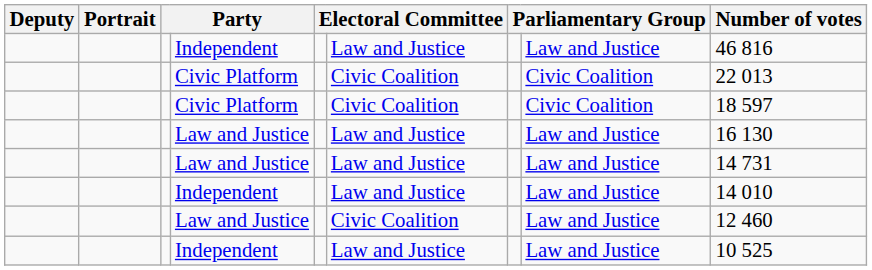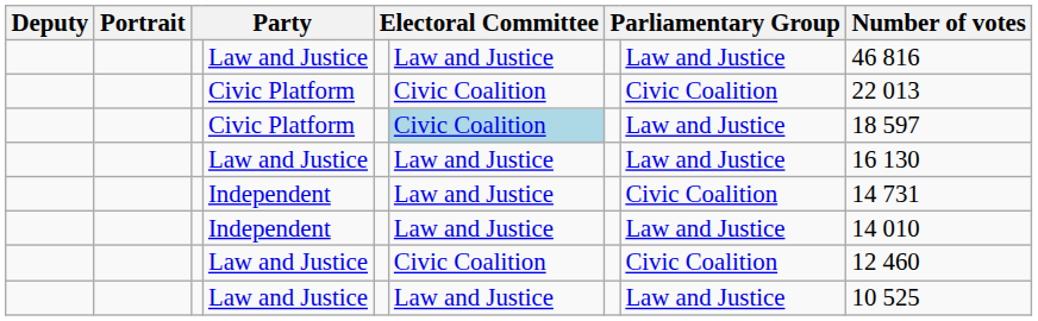 <table class="wikitable sortable" style="font-size:95%;line-height:14px;">
 <tr>
 <th>Deputy</th>
 <th>Portrait</th>
 <th colspan="2">Party</th>
 <th colspan="2">Electoral Committee</th>
 <th colspan="2">Parliamentary Group</th>
 <th>Number of votes</th>
 </tr>
 <tr>
 <td></td>
 <td></td>
 <td style="background:"></td>
-<td><a href='#'>Independent</a></td>
+<td><a href='#'>Law and Justice</a></td>
 <td style="background:"></td>
 <td><a href='#'>Law and Justice</a></td>
 <td style="background:"></td>
 <td><a href='#'>Law and Justice</a></td>
 <td>46 816</td>
 </tr>
 <tr>
 <td></td>
 <td></td>
 <td style="background:"></td>
 <td><a href='#'>Civic Platform</a></td>
 <td style="background:"></td>
 <td><a href='#'>Civic Coalition</a></td>
 <td style="background:"></td>
 <td><a href='#'>Civic Coalition</a></td>
 <td>22 013</td>
 </tr>
 <tr>
 <td></td>
 <td></td>
 <td style="background:"></td>
 <td><a href='#'>Civic Platform</a></td>
 <td style="background:"></td>
-<td><a href='#'>Civic Coalition</a></td>
+<td style="background: lightblue;"><a href='#'>Civic Coalition</a></td>
 <td style="background:"></td>
-<td><a href='#'>Civic Coalition</a></td>
+<td><a href='#'>Law and Justice</a></td>
 <td>18 597</td>
 </tr>
 <tr>
 <td></td>
 <td></td>
 <td style="background:"></td>
 <td><a href='#'>Law and Justice</a></td>
 <td style="background:"></td>
 <td><a href='#'>Law and Justice</a></td>
 <td style="background:"></td>
 <td><a href='#'>Law and Justice</a></td>
 <td>16 130</td>
 </tr>
 <tr>
 <td></td>
 <td></td>
 <td style="background:"></td>
-<td><a href='#'>Law and Justice</a></td>
+<td><a href='#'>Independent</a></td>
 <td style="background:"></td>
 <td><a href='#'>Law and Justice</a></td>
 <td style="background:"></td>
-<td><a href='#'>Law and Justice</a></td>
+<td><a href='#'>Civic Coalition</a></td>
 <td>14 731</td>
 </tr>
 <tr>
 <td></td>
 <td></td>
 <td style="background:"></td>
 <td><a href='#'>Independent</a></td>
 <td style="background:"></td>
 <td><a href='#'>Law and Justice</a></td>
 <td style="background:"></td>
 <td><a href='#'>Law and Justice</a></td>
 <td>14 010</td>
 </tr>
 <tr>
 <td></td>
 <td></td>
 <td style="background:"></td>
 <td><a href='#'>Law and Justice</a></td>
 <td style="background:"></td>
 <td><a href='#'>Civic Coalition</a></td>
 <td style="background:"></td>
-<td><a href='#'>Law and Justice</a></td>
+<td><a href='#'>Civic Coalition</a></td>
 <td>12 460</td>
 </tr>
 <tr>
 <td></td>
 <td></td>
 <td style="background:"></td>
-<td><a href='#'>Independent</a></td>
+<td><a href='#'>Law and Justice</a></td>
 <td style="background:"></td>
 <td><a href='#'>Law and Justice</a></td>
 <td style="background:"></td>
 <td><a href='#'>Law and Justice</a></td>
 <td>10 525</td>
 </tr>
 </table>
